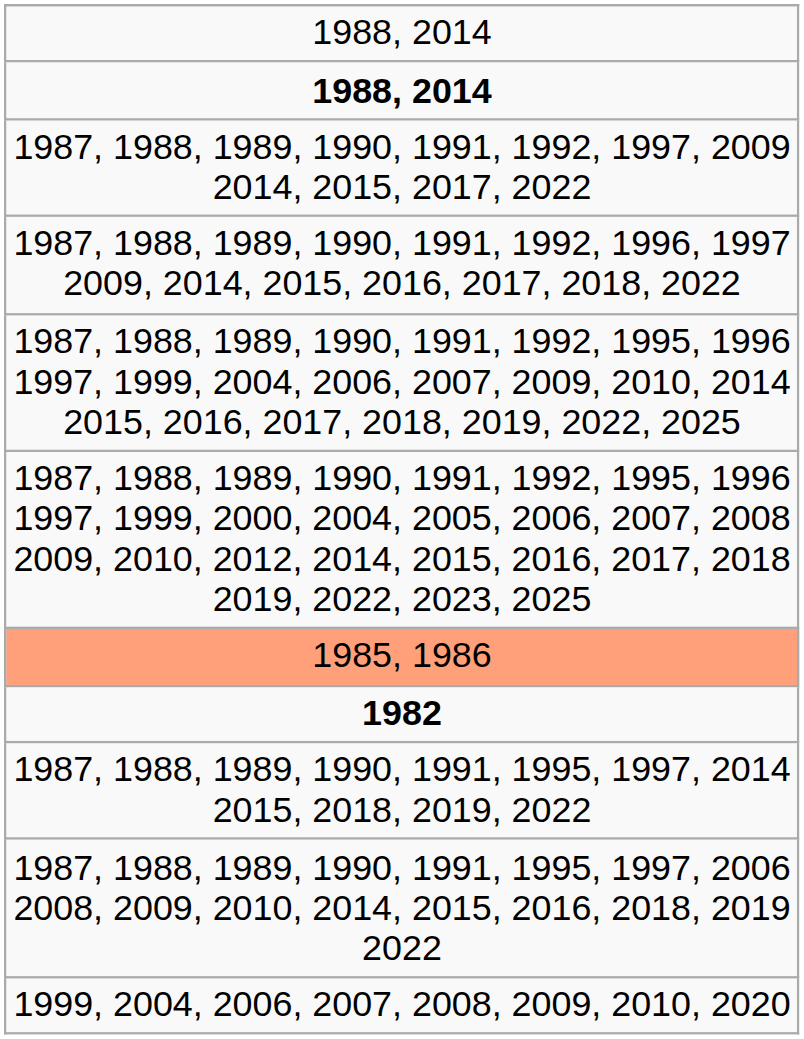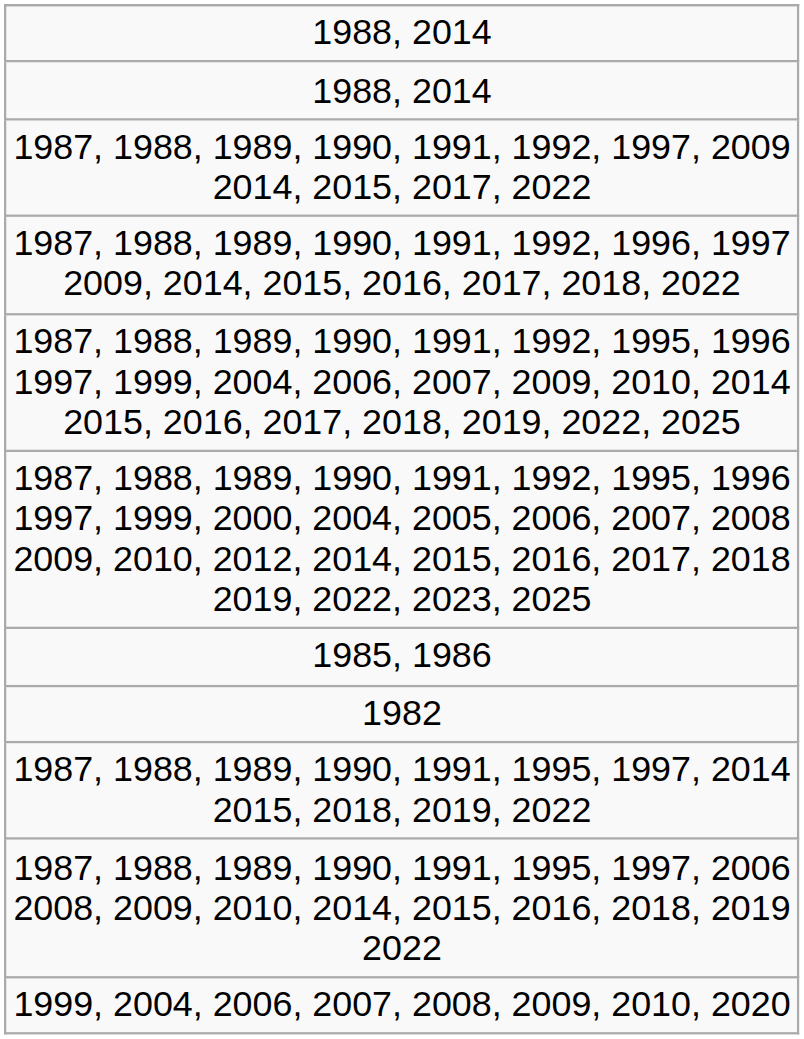 <table class="wikitable" style="text-align:center;">
 <tr>
 </tr>
 <tr>
 <td>1988, 2014<br></td>
 </tr>
 <tr>
-<td><strong>1988, 2014<br></strong></td>
+<td>1988, 2014<br></td>
 </tr>
 <tr>
 <td>1987, 1988, 1989, 1990, 1991, 1992, 1997, 2009<br> 2014, 2015, 2017, 2022<br></td>
 </tr>
 <tr>
 <td>1987, 1988, 1989, 1990, 1991, 1992, 1996, 1997<br> 2009, 2014, 2015, 2016, 2017, 2018, 2022<br></td>
 </tr>
 <tr>
 <td>1987, 1988, 1989, 1990, 1991, 1992, 1995, 1996<br> 1997, 1999, 2004, 2006, 2007, 2009, 2010, 2014<br> 2015, 2016, 2017, 2018, 2019, 2022, 2025<br></td>
 </tr>
 <tr>
 <td>1987, 1988, 1989, 1990, 1991, 1992, 1995, 1996<br> 1997, 1999, 2000, 2004, 2005, 2006, 2007, 2008<br> 2009, 2010, 2012, 2014, 2015, 2016, 2017, 2018<br> 2019, 2022, 2023, 2025<br></td>
 </tr>
 <tr>
-<td style="background: lightsalmon;">1985, 1986<br></td>
+<td>1985, 1986<br></td>
 </tr>
 <tr>
-<td><strong>1982<br></strong></td>
+<td>1982<br></td>
 </tr>
 <tr>
 <td>1987, 1988, 1989, 1990, 1991, 1995, 1997, 2014<br> 2015, 2018, 2019, 2022<br></td>
 </tr>
 <tr>
 <td>1987, 1988, 1989, 1990, 1991, 1995, 1997, 2006<br> 2008, 2009, 2010, 2014, 2015, 2016, 2018, 2019<br> 2022<br></td>
 </tr>
 <tr>
 <td>1999, 2004, 2006, 2007, 2008, 2009, 2010, 2020</td>
 </tr>
 </table>
